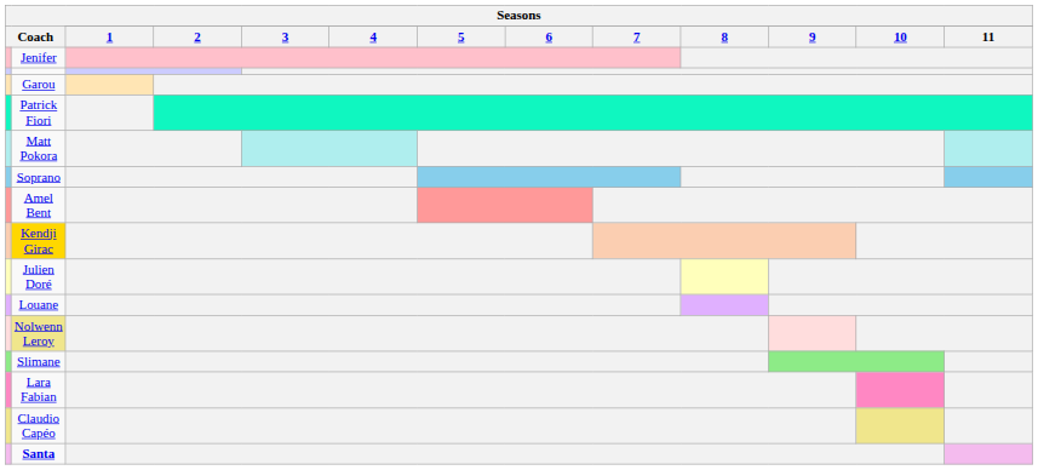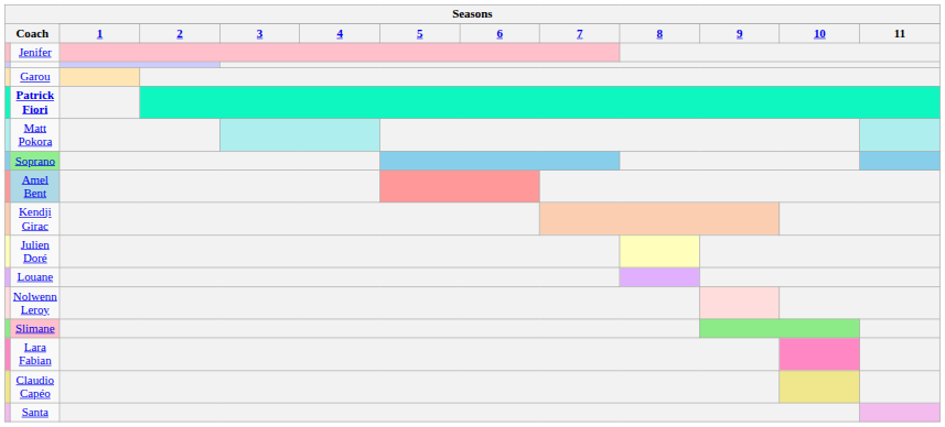 <table class="wikitable" style="text-align:center">
 <tr>
 <th colspan="13">Seasons</th>
 </tr>
 <tr>
 <th rowspan="2" colspan="2">Coach</th>
 </tr>
 <tr>
 <th width="100"><a href='#'>1</a></th>
 <th width="100"><a href='#'>2</a></th>
 <th width="100"><a href='#'>3</a></th>
 <th width="100"><a href='#'>4</a></th>
 <th width="100"><a href='#'>5</a></th>
 <th width="100"><a href='#'>6</a></th>
 <th width="100"><a href='#'>7</a></th>
 <th width="100"><a href='#'>8</a></th>
 <th width="100"><a href='#'>9</a></th>
 <th width="100"><a href='#'>10</a></th>
 <th width="100">11</th>
 </tr>
 <tr>
 <td style="background:pink"></td>
 <td><a href='#'>Jenifer</a></td>
 <td colspan="7" style="background:pink"></td>
 <th colspan="4"></th>
 </tr>
 <tr>
 <td style="background:#ccf"></td>
 <td></td>
 <td style="background:#ccf" colspan="2"></td>
 <th colspan="9"></th>
 </tr>
 <tr>
 <td style="background:#ffe5b4"></td>
 <td><a href='#'>Garou</a></td>
 <td style="background:#ffe5b4"></td>
 <th colspan="10"></th>
 </tr>
 <tr>
 <td style="background:#0ff7c0"></td>
-<td><a href='#'>Patrick Fiori</a></td>
+<td><strong><a href='#'>Patrick Fiori</a></strong></td>
 <th></th>
 <td colspan="10" style="background:#0ff7c0"></td>
 </tr>
 <tr>
 <td style="background:#afeeee"></td>
 <td><a href='#'>Matt Pokora</a></td>
 <th colspan="2"></th>
 <td style="background:#afeeee" colspan="2"></td>
 <th colspan="6"></th>
 <td style="background:#afeeee"></td>
 </tr>
 <tr>
 <td style="background:#87ceeb"></td>
-<td><a href='#'>Soprano</a></td>
+<td style="background: lightgreen;"><a href='#'>Soprano</a></td>
 <th colspan="4"></th>
 <td colspan="3" style="background:#87ceeb"></td>
 <th colspan="3"></th>
 <td style="background:#87ceeb"></td>
 </tr>
 <tr>
 <td style="background:#ff9999"></td>
-<td><a href='#'>Amel Bent</a></td>
+<td style="background: lightblue;"><a href='#'>Amel Bent</a></td>
 <th colspan="4"></th>
 <td colspan="2" style="background:#ff9999"></td>
 <th colspan="5"></th>
 </tr>
 <tr>
 <td style="background:#fbceb1"></td>
-<td style="background: gold;"><a href='#'>Kendji Girac</a></td>
+<td><a href='#'>Kendji Girac</a></td>
 <th colspan="6"></th>
 <td colspan="3" style="background:#fbceb1"></td>
 <th colspan="2"></th>
 </tr>
 <tr>
 <td style="background:#ffffbb"></td>
 <td><a href='#'>Julien Doré</a></td>
 <th colspan="7"></th>
 <td style="background:#ffffbb"></td>
 <th colspan="3"></th>
 </tr>
 <tr>
 <td style="background:#E0B0FF"></td>
 <td><a href='#'>Louane</a></td>
 <th colspan="7"></th>
 <td style="background:#E0B0FF"></td>
 <th colspan="3"></th>
 </tr>
 <tr>
 <td style="background:#ffdddd"></td>
-<td style="background: khaki;"><a href='#'>Nolwenn Leroy</a></td>
+<td><a href='#'>Nolwenn Leroy</a></td>
 <th colspan="8"></th>
 <td bgcolor="#ffdddd"></td>
 <th colspan="2"></th>
 </tr>
 <tr>
 <td style="background:#8deb87"></td>
-<td><a href='#'>Slimane</a></td>
+<td style="background: pink;"><a href='#'>Slimane</a></td>
 <th colspan="8"></th>
 <td colspan="2" bgcolor="#8deb87"></td>
 <th></th>
 </tr>
 <tr>
 <td style="background:#FF87C3"></td>
 <td><a href='#'>Lara Fabian</a></td>
 <th colspan="9"></th>
 <td bgcolor="#FF87C3"></td>
 <th></th>
 </tr>
 <tr>
 <td style="background:khaki"></td>
 <td><a href='#'>Claudio Capéo</a></td>
 <th colspan="9"></th>
 <td bgcolor="khaki"></td>
 <th></th>
 </tr>
 <tr>
 <td style="background:#f4bbee"></td>
-<td><strong><a href='#'>Santa</a></strong></td>
+<td><a href='#'>Santa</a></td>
 <th colspan="10"></th>
 <td style="background:#f4bbee"></td>
 </tr>
 </table>
